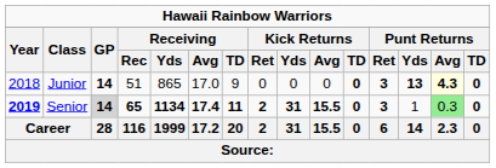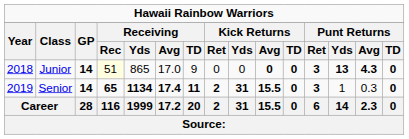 <table class="wikitable" style="text-align:center;">
 <tr>
 <td ! colspan="26"><strong>Hawaii Rainbow Warriors</strong></td>
 </tr>
 <tr>
 </tr>
 <tr align="center">
 </tr>
 <tr>
 <th rowspan="2">Year</th>
 <th rowspan="2">Class</th>
 <th rowspan="2">GP</th>
 <th colspan="4">Receiving</th>
 <th colspan="4">Kick Returns</th>
 <th colspan="4">Punt Returns</th>
 </tr>
 <tr>
 <th>Rec</th>
 <th>Yds</th>
 <th>Avg</th>
 <th>TD</th>
 <th>Ret</th>
 <th>Yds</th>
 <th>Avg</th>
 <th>TD</th>
 <th>Ret</th>
 <th>Yds</th>
 <th>Avg</th>
 <th>TD</th>
 </tr>
 <tr>
 <td><a href='#'>2018</a></td>
 <td><a href='#'>Junior</a></td>
 <td><strong>14</strong></td>
-<td>51</td>
+<td style="background: lightyellow;">51</td>
 <td>865</td>
 <td>17.0</td>
 <td>9</td>
 <td>0</td>
 <td>0</td>
-<td>0</td>
+<td><strong>0</strong></td>
 <td><strong>0</strong></td>
 <td><strong>3</strong></td>
 <td><strong>13</strong></td>
-<td style="background: lightyellow;"><strong>4.3</strong></td>
+<td><strong>4.3</strong></td>
 <td><strong>0</strong></td>
 </tr>
 <tr>
-<td><strong><a href='#'>2019</a></strong></td>
+<td><a href='#'>2019</a></td>
 <td><a href='#'>Senior</a></td>
-<td style="background: lightgrey;"><strong>14</strong></td>
+<td><strong>14</strong></td>
 <td><strong>65</strong></td>
 <td><strong>1134</strong></td>
 <td><strong>17.4</strong></td>
 <td><strong>11</strong></td>
 <td><strong>2</strong></td>
 <td><strong>31</strong></td>
 <td><strong>15.5</strong></td>
 <td><strong>0</strong></td>
 <td><strong>3</strong></td>
 <td>1</td>
-<td style="background: lightgreen;">0.3</td>
+<td>0.3</td>
 <td><strong>0</strong></td>
 </tr>
 <tr>
 <th colspan="2">Career</th>
 <th>28</th>
 <th>116</th>
 <th>1999</th>
 <th>17.2</th>
 <th>20</th>
 <th>2</th>
 <th>31</th>
 <th>15.5</th>
 <th>0</th>
 <th>6</th>
 <th>14</th>
 <th>2.3</th>
 <th>0</th>
 </tr>
 <tr>
 <th colspan="15">Source:</th>
 </tr>
 </table>
